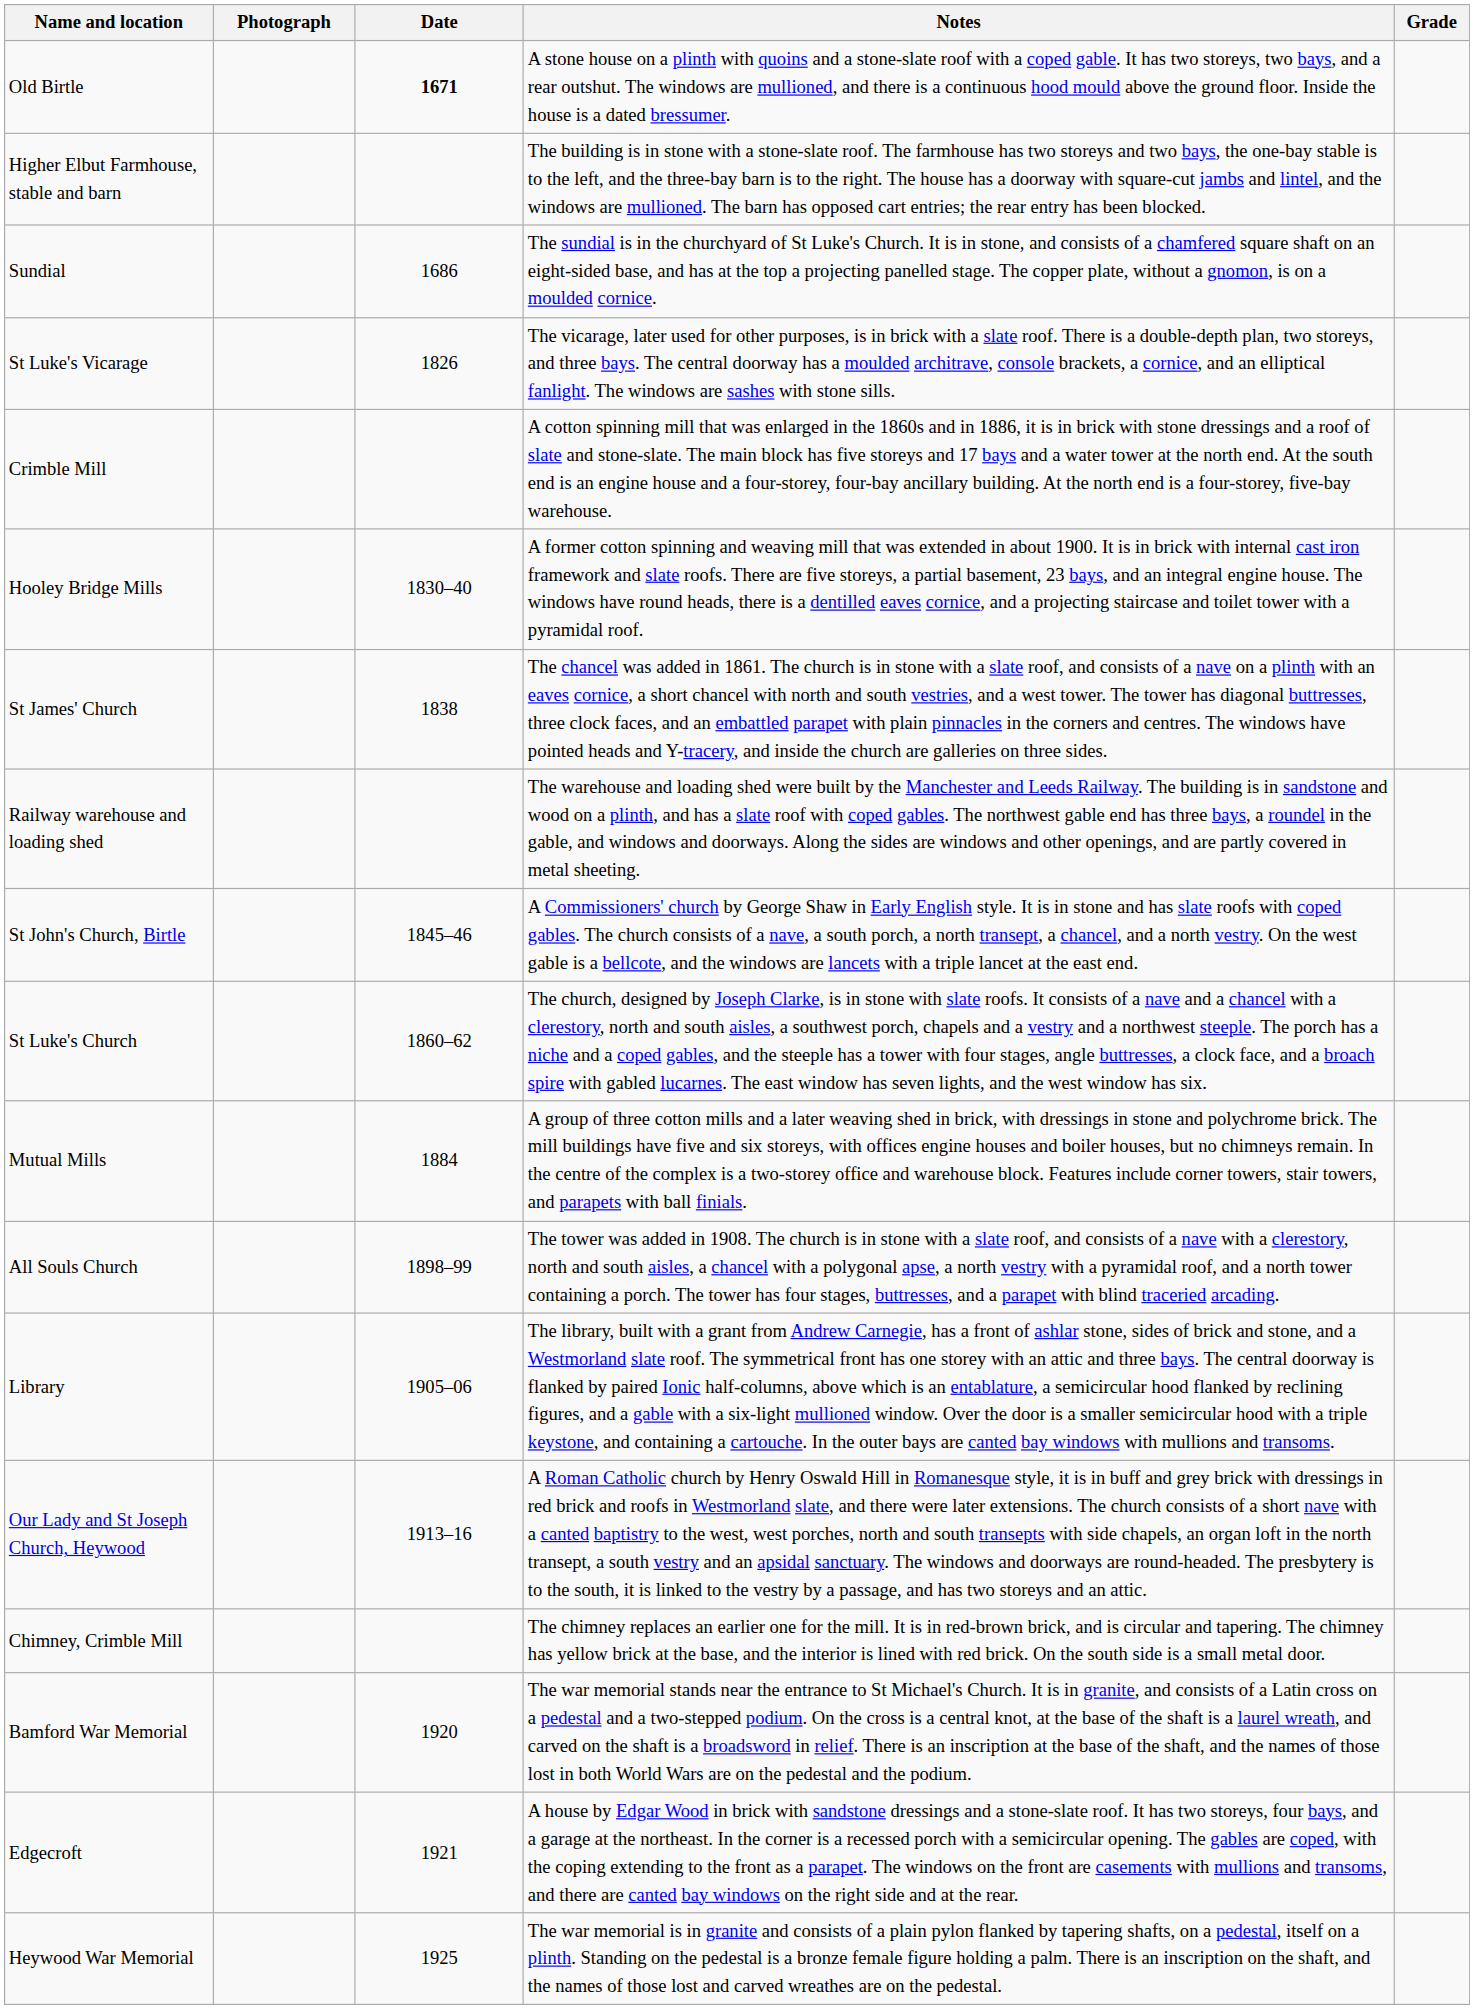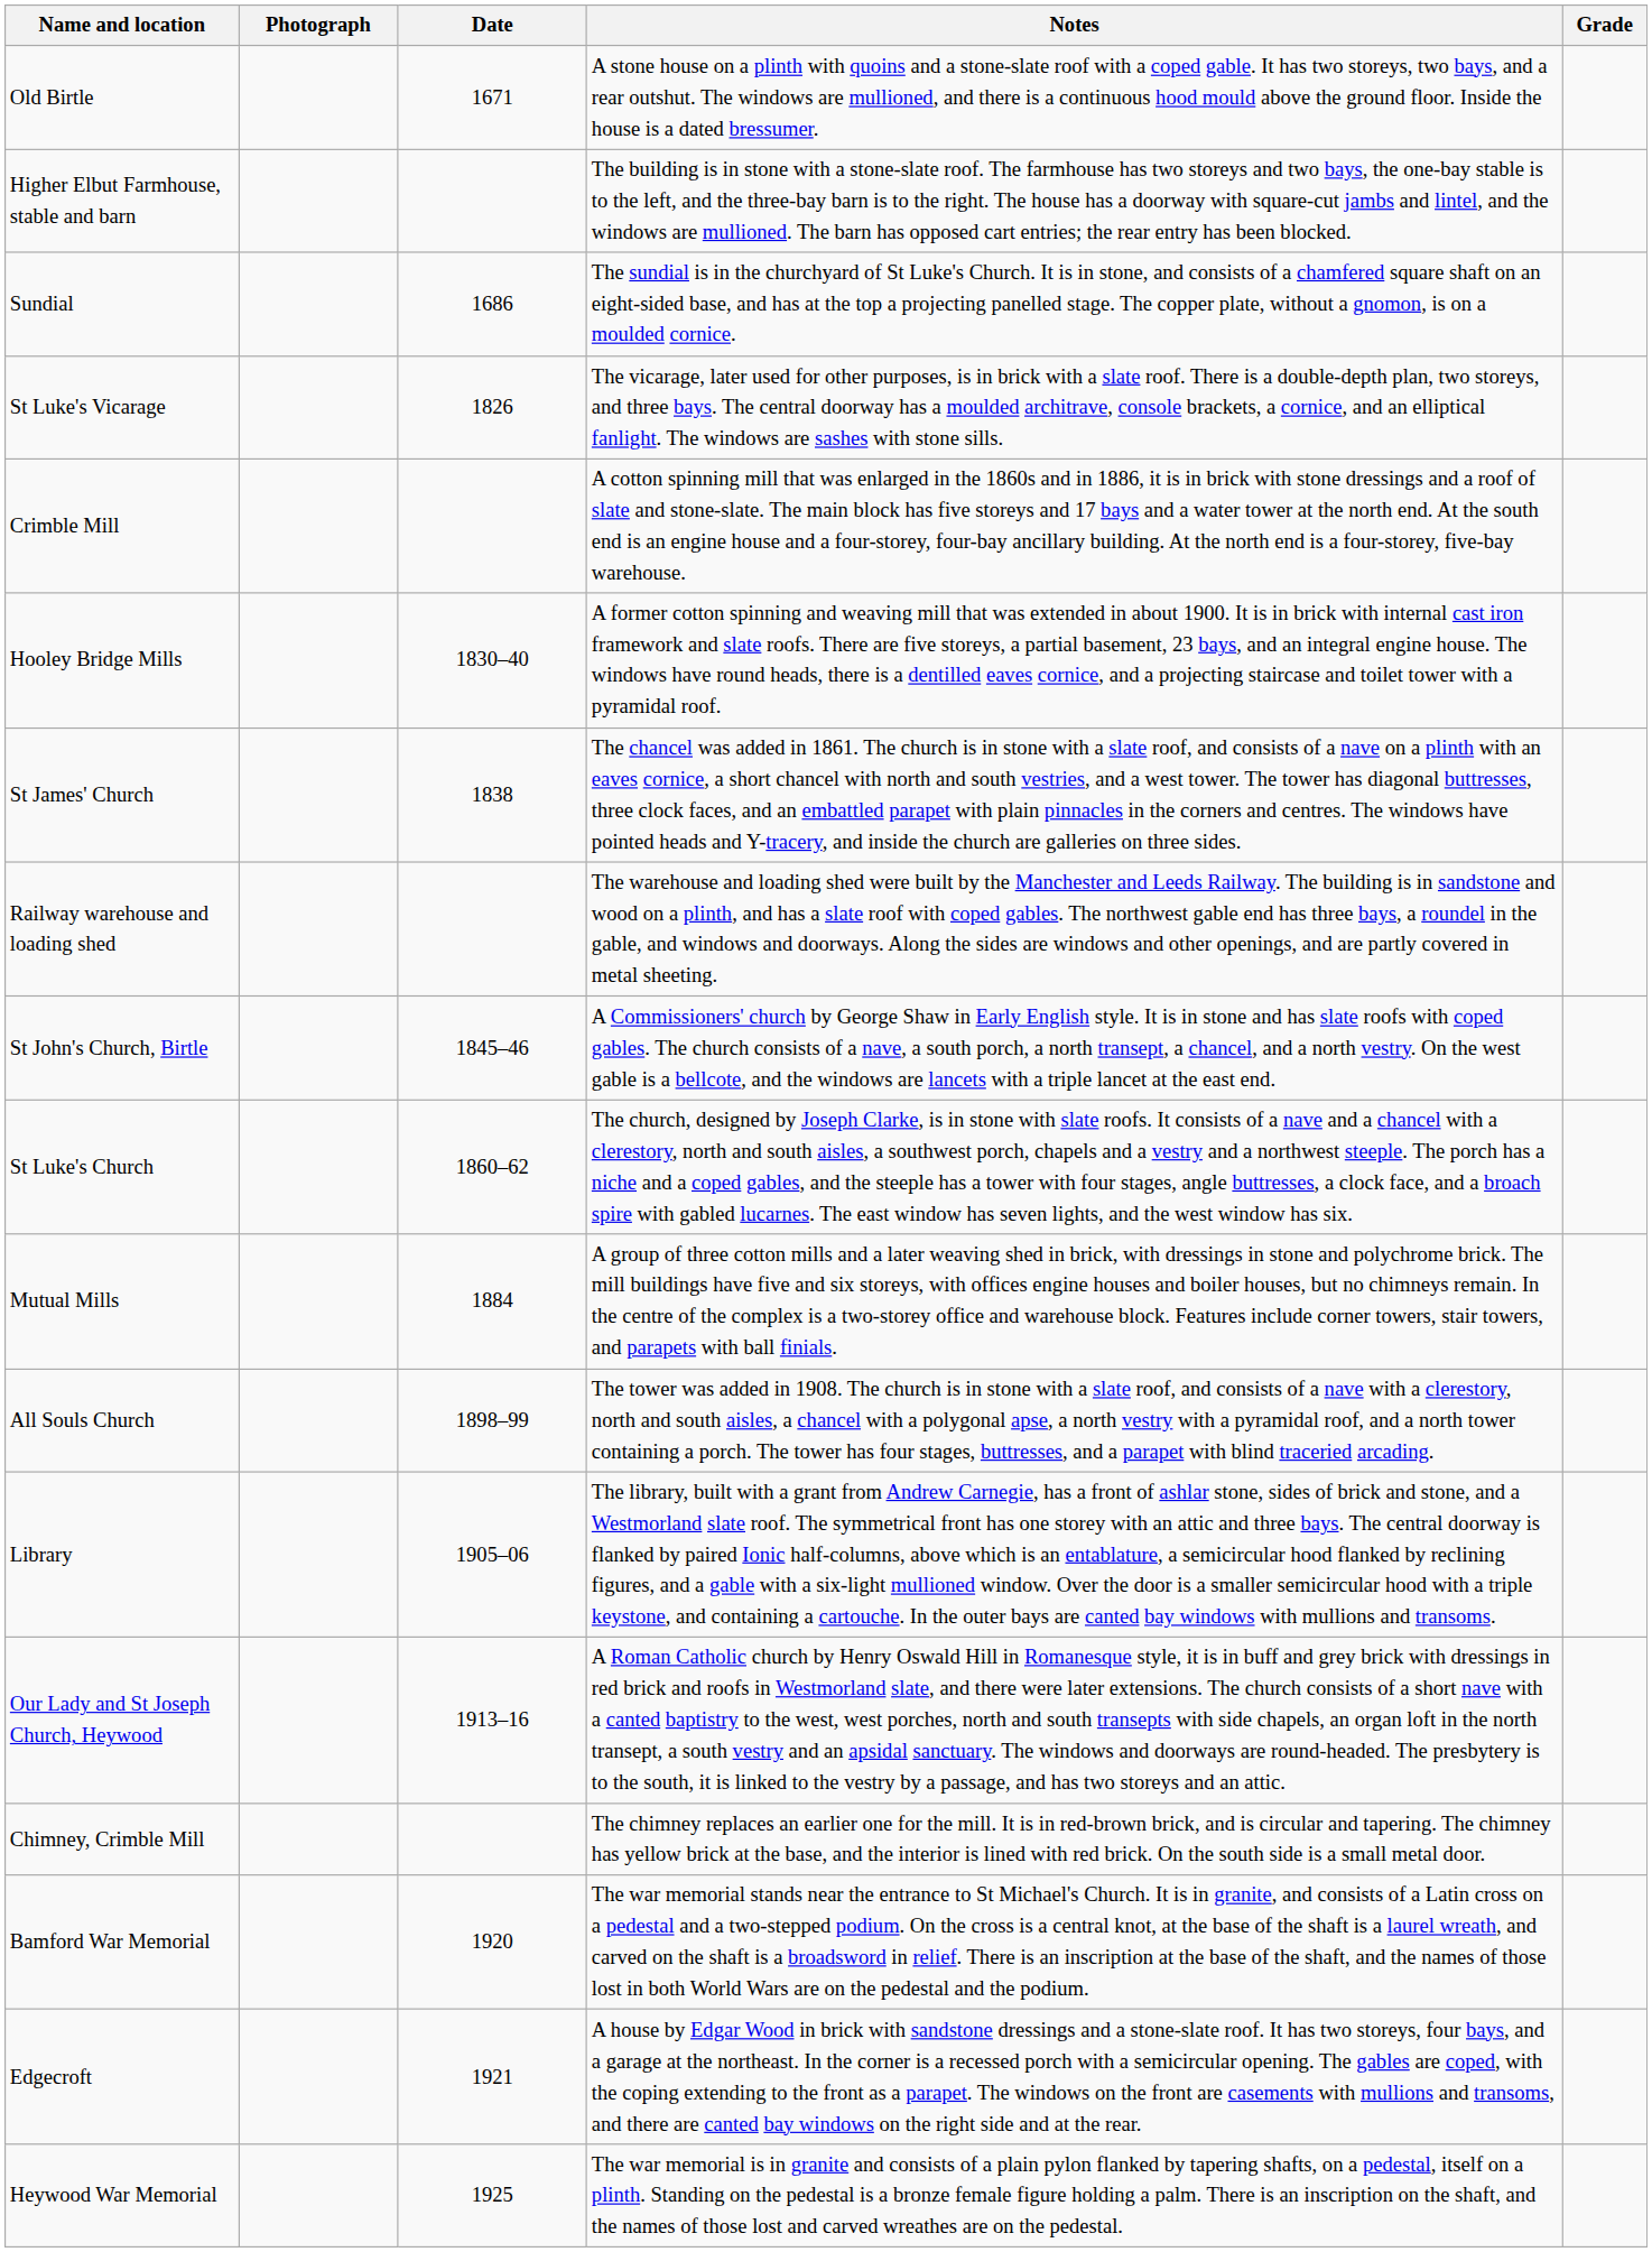 <table class="wikitable sortable plainrowheaders" style="width:100%; border:0; text-align:left; line-height:150%;">
 <tr>
 <th scope="col" style="width:150px">Name and location</th>
 <th scope="col" style="width:100px" class="unsortable">Photograph</th>
 <th scope="col" style="width:120px">Date</th>
 <th scope="col" style="width:650px" class="unsortable">Notes</th>
 <th scope="col" style="width:50px">Grade</th>
 </tr>
 <tr>
 <td>Old Birtle<br><small></small></td>
 <td></td>
-<td align="center"><strong>1671</strong></td>
+<td align="center">1671</td>
 <td>A stone house on a <a href='#'>plinth</a> with <a href='#'>quoins</a> and a stone-slate roof with a <a href='#'>coped</a> <a href='#'>gable</a>. It has two storeys, two <a href='#'>bays</a>, and a rear outshut. The windows are <a href='#'>mullioned</a>, and there is a continuous <a href='#'>hood mould</a> above the ground floor. Inside the house is a dated <a href='#'>bressumer</a>.</td>
 <td align="center" ></td>
 </tr>
 <tr>
 <td>Higher Elbut Farmhouse, stable and barn<br><small></small></td>
 <td></td>
 <td align="center"></td>
 <td>The building is in stone with a stone-slate roof. The farmhouse has two storeys and two <a href='#'>bays</a>, the one-bay stable is to the left, and the three-bay barn is to the right. The house has a doorway with square-cut <a href='#'>jambs</a> and <a href='#'>lintel</a>, and the windows are <a href='#'>mullioned</a>. The barn has opposed cart entries; the rear entry has been blocked.</td>
 <td align="center" ></td>
 </tr>
 <tr>
 <td>Sundial<br><small></small></td>
 <td></td>
 <td align="center">1686</td>
 <td>The <a href='#'>sundial</a> is in the churchyard of St Luke's Church. It is in stone, and consists of a <a href='#'>chamfered</a> square shaft on an eight-sided base, and has at the top a projecting panelled stage. The copper plate, without a <a href='#'>gnomon</a>, is on a <a href='#'>moulded</a> <a href='#'>cornice</a>.</td>
 <td align="center" ></td>
 </tr>
 <tr>
 <td>St Luke's Vicarage<br><small></small></td>
 <td></td>
 <td align="center">1826</td>
 <td>The vicarage, later used for other purposes, is in brick with a <a href='#'>slate</a> roof. There is a double-depth plan, two storeys, and three <a href='#'>bays</a>. The central doorway has a <a href='#'>moulded</a> <a href='#'>architrave</a>, <a href='#'>console</a> brackets, a <a href='#'>cornice</a>, and an elliptical <a href='#'>fanlight</a>. The windows are <a href='#'>sashes</a> with stone sills.</td>
 <td align="center" ></td>
 </tr>
 <tr>
 <td>Crimble Mill<br><small></small></td>
 <td></td>
 <td align="center"></td>
 <td>A cotton spinning mill that was enlarged in the 1860s and in 1886, it is in brick with stone dressings and a roof of <a href='#'>slate</a> and stone-slate. The main block has five storeys and 17 <a href='#'>bays</a> and a water tower at the north end. At the south end is an engine house and a four-storey, four-bay ancillary building. At the north end is a four-storey, five-bay warehouse.</td>
 <td align="center" ></td>
 </tr>
 <tr>
 <td>Hooley Bridge Mills<br><small></small></td>
 <td></td>
 <td align="center">1830–40</td>
 <td>A former cotton spinning and weaving mill that was extended in about 1900. It is in brick with internal <a href='#'>cast iron</a> framework and <a href='#'>slate</a> roofs. There are five storeys, a partial basement, 23 <a href='#'>bays</a>, and an integral engine house. The windows have round heads, there is a <a href='#'>dentilled</a> <a href='#'>eaves</a> <a href='#'>cornice</a>, and a projecting staircase and toilet tower with a pyramidal roof.</td>
 <td align="center" ></td>
 </tr>
 <tr>
 <td>St James' Church<br><small></small></td>
 <td></td>
 <td align="center">1838</td>
 <td>The <a href='#'>chancel</a> was added in 1861. The church is in stone with a <a href='#'>slate</a> roof, and consists of a <a href='#'>nave</a> on a <a href='#'>plinth</a> with an <a href='#'>eaves</a> <a href='#'>cornice</a>, a short chancel with north and south <a href='#'>vestries</a>, and a west tower. The tower has diagonal <a href='#'>buttresses</a>, three clock faces, and an <a href='#'>embattled</a> <a href='#'>parapet</a> with plain <a href='#'>pinnacles</a> in the corners and centres. The windows have pointed heads and Y-<a href='#'>tracery</a>, and inside the church are galleries on three sides.</td>
 <td align="center" ></td>
 </tr>
 <tr>
 <td>Railway warehouse and loading shed<br><small></small></td>
 <td></td>
 <td align="center"></td>
 <td>The warehouse and loading shed were built by the <a href='#'>Manchester and Leeds Railway</a>. The building is in <a href='#'>sandstone</a> and wood on a <a href='#'>plinth</a>, and has a <a href='#'>slate</a> roof with <a href='#'>coped</a> <a href='#'>gables</a>. The northwest gable end has three <a href='#'>bays</a>, a <a href='#'>roundel</a> in the gable, and windows and doorways. Along the sides are windows and other openings, and are partly covered in metal sheeting.</td>
 <td align="center" ></td>
 </tr>
 <tr>
 <td>St John's Church, <a href='#'>Birtle</a><br><small></small></td>
 <td></td>
 <td align="center">1845–46</td>
 <td>A <a href='#'>Commissioners' church</a> by George Shaw in <a href='#'>Early English</a> style. It is in stone and has <a href='#'>slate</a> roofs with <a href='#'>coped</a> <a href='#'>gables</a>. The church consists of a <a href='#'>nave</a>, a south porch, a north <a href='#'>transept</a>, a <a href='#'>chancel</a>, and a north <a href='#'>vestry</a>. On the west gable is a <a href='#'>bellcote</a>, and the windows are <a href='#'>lancets</a> with a triple lancet at the east end.</td>
 <td align="center" ></td>
 </tr>
 <tr>
 <td>St Luke's Church<br><small></small></td>
 <td></td>
 <td align="center">1860–62</td>
 <td>The church, designed by <a href='#'>Joseph Clarke</a>, is in stone with <a href='#'>slate</a> roofs. It consists of a <a href='#'>nave</a> and a <a href='#'>chancel</a> with a <a href='#'>clerestory</a>, north and south <a href='#'>aisles</a>, a southwest porch, chapels and a <a href='#'>vestry</a> and a northwest <a href='#'>steeple</a>. The porch has a <a href='#'>niche</a> and a <a href='#'>coped</a> <a href='#'>gables</a>, and the steeple has a tower with four stages, angle <a href='#'>buttresses</a>, a clock face, and a <a href='#'>broach spire</a> with gabled <a href='#'>lucarnes</a>. The east window has seven lights, and the west window has six.</td>
 <td align="center" ></td>
 </tr>
 <tr>
 <td>Mutual Mills<br><small></small></td>
 <td></td>
 <td align="center">1884</td>
 <td>A group of three cotton mills and a later weaving shed in brick, with dressings in stone and polychrome brick. The mill buildings have five and six storeys, with offices engine houses and boiler houses, but no chimneys remain. In the centre of the complex is a two-storey office and warehouse block. Features include corner towers, stair towers, and <a href='#'>parapets</a> with ball <a href='#'>finials</a>.</td>
 <td align="center" ></td>
 </tr>
 <tr>
 <td>All Souls Church<br><small></small></td>
 <td></td>
 <td align="center">1898–99</td>
 <td>The tower was added in 1908. The church is in stone with a <a href='#'>slate</a> roof, and consists of a <a href='#'>nave</a> with a <a href='#'>clerestory</a>, north and south <a href='#'>aisles</a>, a <a href='#'>chancel</a> with a polygonal <a href='#'>apse</a>, a north <a href='#'>vestry</a> with a pyramidal roof, and a north tower containing a porch. The tower has four stages, <a href='#'>buttresses</a>, and a <a href='#'>parapet</a> with blind <a href='#'>traceried</a> <a href='#'>arcading</a>.</td>
 <td align="center" ></td>
 </tr>
 <tr>
 <td>Library<br><small></small></td>
 <td></td>
 <td align="center">1905–06</td>
 <td>The library, built with a grant from <a href='#'>Andrew Carnegie</a>, has a front of <a href='#'>ashlar</a> stone, sides of brick and stone, and a <a href='#'>Westmorland</a> <a href='#'>slate</a> roof. The symmetrical front has one storey with an attic and three <a href='#'>bays</a>. The central doorway is flanked by paired <a href='#'>Ionic</a> half-columns, above which is an <a href='#'>entablature</a>, a semicircular hood flanked by reclining figures, and a <a href='#'>gable</a> with a six-light <a href='#'>mullioned</a> window. Over the door is a smaller semicircular hood with a triple <a href='#'>keystone</a>, and containing a <a href='#'>cartouche</a>. In the outer bays are <a href='#'>canted</a> <a href='#'>bay windows</a> with mullions and <a href='#'>transoms</a>.</td>
 <td align="center" ></td>
 </tr>
 <tr>
 <td><a href='#'>Our Lady and St Joseph Church, Heywood</a><br><small></small></td>
 <td></td>
 <td align="center">1913–16</td>
 <td>A <a href='#'>Roman Catholic</a> church by Henry Oswald Hill in <a href='#'>Romanesque</a> style, it is in buff and grey brick with dressings in red brick and roofs in <a href='#'>Westmorland</a> <a href='#'>slate</a>, and there were later extensions. The church consists of a short <a href='#'>nave</a> with a <a href='#'>canted</a> <a href='#'>baptistry</a> to the west, west porches, north and south <a href='#'>transepts</a> with side chapels, an organ loft in the north transept, a south <a href='#'>vestry</a> and an <a href='#'>apsidal</a> <a href='#'>sanctuary</a>. The windows and doorways are round-headed. The presbytery is to the south, it is linked to the vestry by a passage, and has two storeys and an attic.</td>
 <td align="center" ></td>
 </tr>
 <tr>
 <td>Chimney, Crimble Mill<br><small></small></td>
 <td></td>
 <td align="center"></td>
 <td>The chimney replaces an earlier one for the mill. It is in red-brown brick, and is circular and tapering. The chimney has yellow brick at the base, and the interior is lined with red brick. On the south side is a small metal door.</td>
 <td align="center" ></td>
 </tr>
 <tr>
 <td>Bamford War Memorial<br><small></small></td>
 <td></td>
 <td align="center">1920</td>
 <td>The war memorial stands near the entrance to St Michael's Church. It is in <a href='#'>granite</a>, and consists of a Latin cross on a <a href='#'>pedestal</a> and a two-stepped <a href='#'>podium</a>. On the cross is a central knot, at the base of the shaft is a <a href='#'>laurel wreath</a>, and carved on the shaft is a <a href='#'>broadsword</a> in <a href='#'>relief</a>. There is an inscription at the base of the shaft, and the names of those lost in both World Wars are on the pedestal and the podium.</td>
 <td align="center" ></td>
 </tr>
 <tr>
 <td>Edgecroft<br><small></small></td>
 <td></td>
 <td align="center">1921</td>
 <td>A house by <a href='#'>Edgar Wood</a> in brick with <a href='#'>sandstone</a> dressings and a stone-slate roof. It has two storeys, four <a href='#'>bays</a>, and a garage at the northeast. In the corner is a recessed porch with a semicircular opening. The <a href='#'>gables</a> are <a href='#'>coped</a>, with the coping extending to the front as a <a href='#'>parapet</a>. The windows on the front are <a href='#'>casements</a> with <a href='#'>mullions</a> and <a href='#'>transoms</a>, and there are <a href='#'>canted</a> <a href='#'>bay windows</a> on the right side and at the rear.</td>
 <td align="center" ></td>
 </tr>
 <tr>
 <td>Heywood War Memorial<br><small></small></td>
 <td></td>
 <td align="center">1925</td>
 <td>The war memorial is in <a href='#'>granite</a> and consists of a plain pylon flanked by tapering shafts, on a <a href='#'>pedestal</a>, itself on a <a href='#'>plinth</a>. Standing on the pedestal is a bronze female figure holding a palm. There is an inscription on the shaft, and the names of those lost and carved wreathes are on the pedestal.</td>
 <td align="center" ></td>
 </tr>
 <tr>
 </tr>
 </table>
